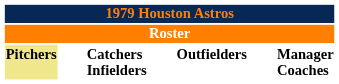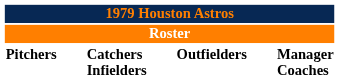 <table class="toccolours" style="text-align: left;">
 <tr>
 <th colspan="10" style="background-color: #072854; color: #FF7F00; text-align: center;">1979 Houston Astros</th>
 </tr>
 <tr>
 <td colspan="10" style="background-color: #FF7F00; color: white; text-align: center;"><strong>Roster</strong></td>
 </tr>
 <tr>
-<td valign="top" style="background: khaki;"><strong>Pitchers</strong><br>                  </td>
+<td valign="top"><strong>Pitchers</strong><br>                  </td>
 <td width="25px"></td>
 <td valign="top"><strong>Catchers</strong><br>     <strong>Infielders</strong>         </td>
 <td width="25px"></td>
 <td valign="top"><strong>Outfielders</strong><br>      </td>
 <td width="25px"></td>
 <td valign="top"><strong>Manager</strong><br> <strong>Coaches</strong>    </td>
 </tr>
 </table>
